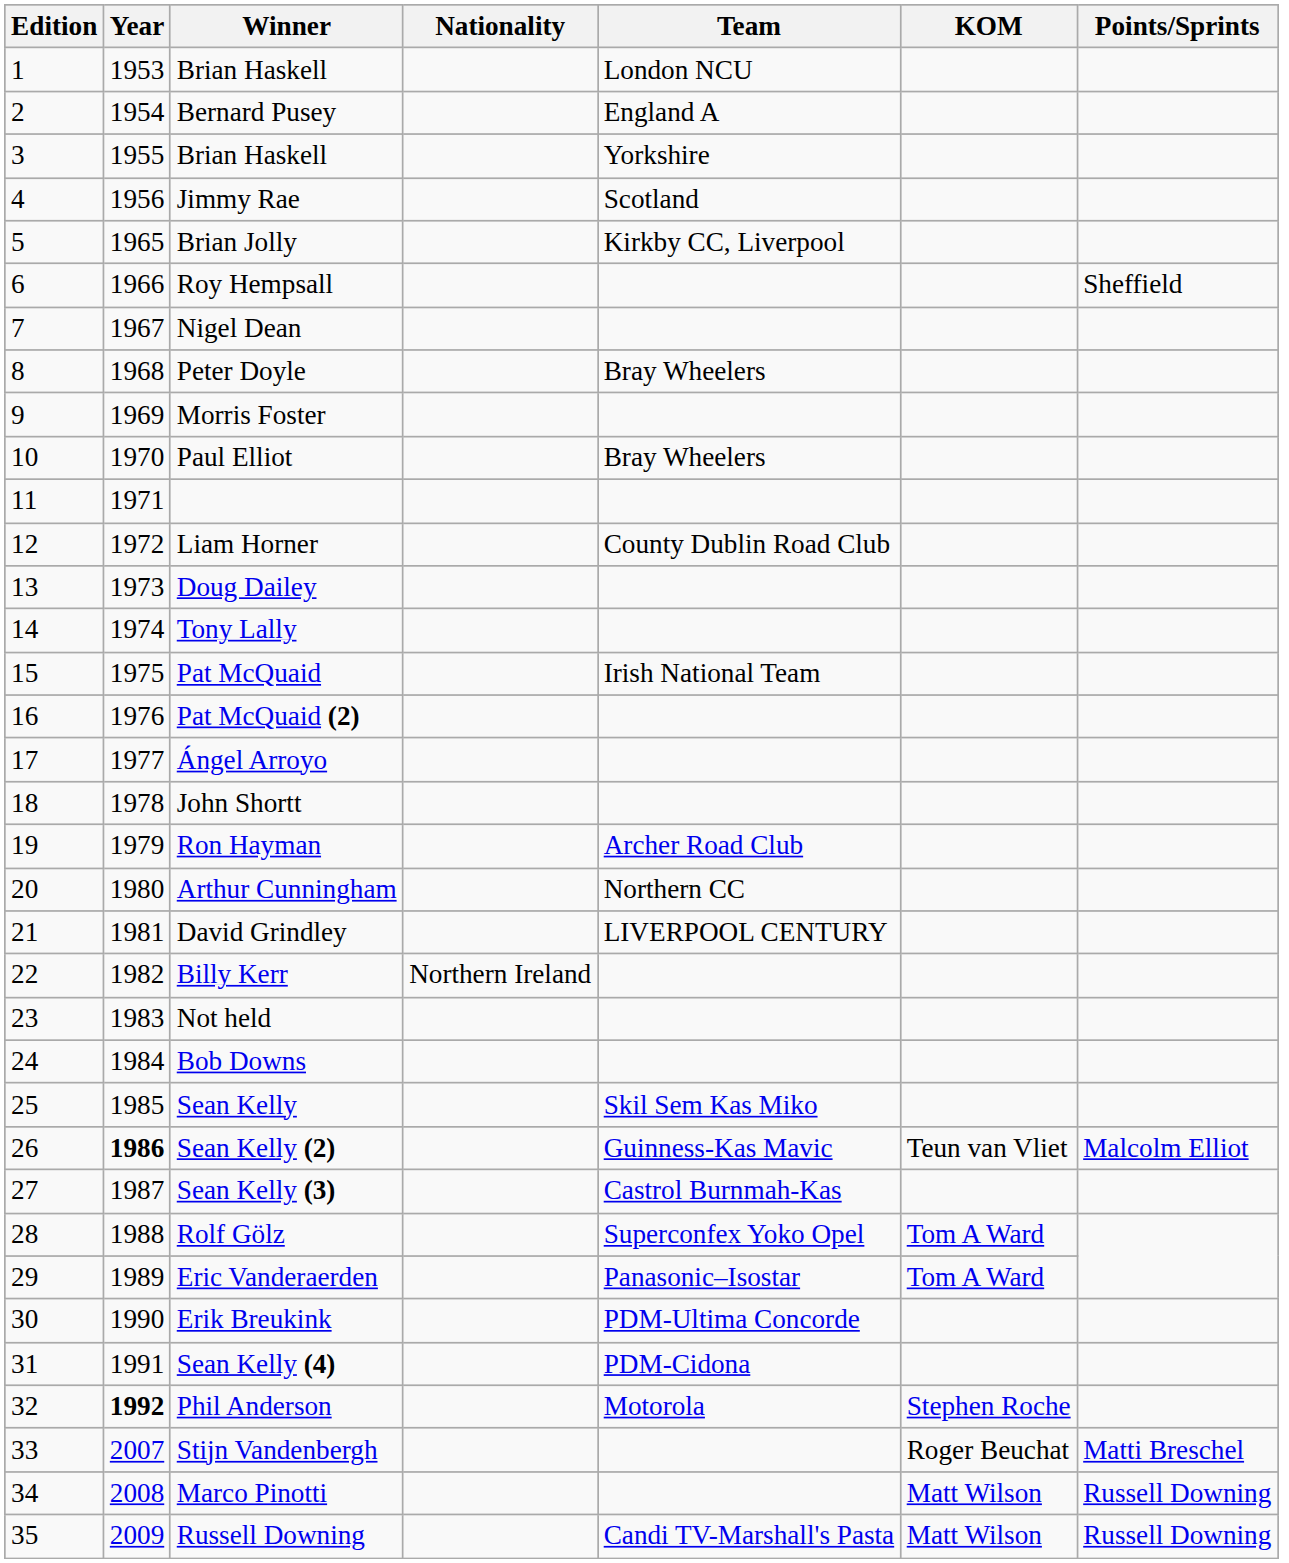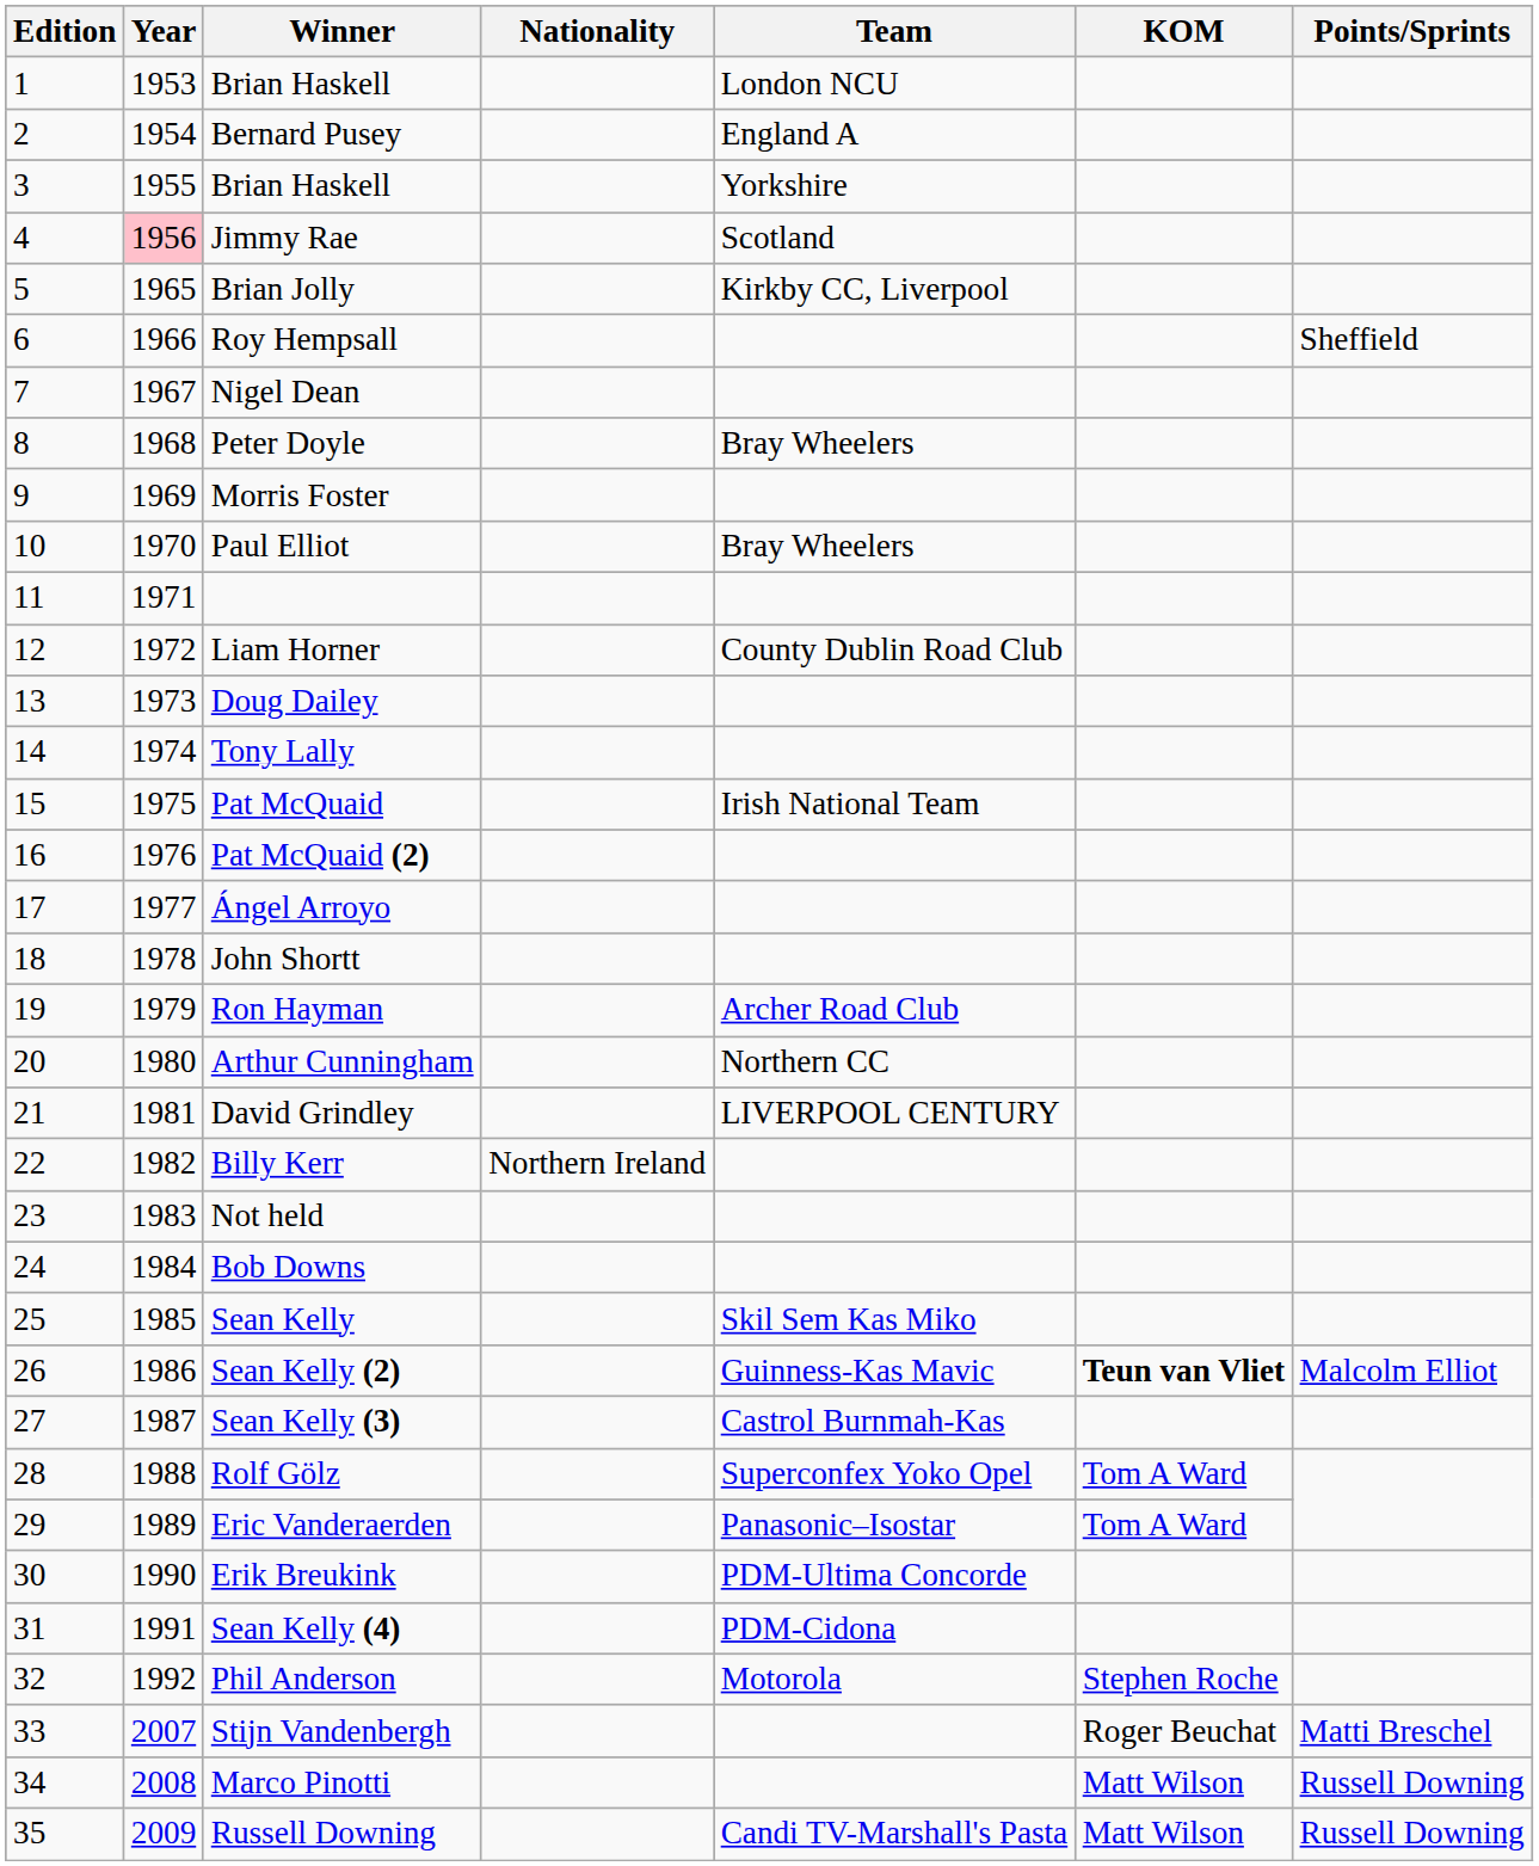 <table class="wikitable sortable">
 <tr>
 <th>Edition</th>
 <th>Year</th>
 <th>Winner</th>
 <th>Nationality</th>
 <th>Team</th>
 <th>KOM</th>
 <th>Points/Sprints</th>
 </tr>
 <tr>
 <td>1</td>
 <td>1953</td>
 <td>Brian Haskell</td>
 <td></td>
 <td>London NCU</td>
 <td></td>
 <td></td>
 </tr>
 <tr>
 <td>2</td>
 <td>1954</td>
 <td>Bernard Pusey</td>
 <td></td>
 <td>England A</td>
 <td></td>
 <td></td>
 </tr>
 <tr>
 <td>3</td>
 <td>1955</td>
 <td>Brian Haskell</td>
 <td></td>
 <td>Yorkshire</td>
 <td></td>
 <td></td>
 </tr>
 <tr>
 <td>4</td>
-<td>1956</td>
+<td style="background: pink;">1956</td>
 <td>Jimmy Rae</td>
 <td></td>
 <td>Scotland</td>
 <td></td>
 <td></td>
 </tr>
 <tr>
 <td>5</td>
 <td>1965</td>
 <td>Brian Jolly</td>
 <td></td>
 <td>Kirkby CC, Liverpool</td>
 <td></td>
 <td></td>
 </tr>
 <tr>
 <td>6</td>
 <td>1966</td>
 <td>Roy Hempsall</td>
 <td></td>
 <td></td>
 <td></td>
 <td>Sheffield</td>
 </tr>
 <tr>
 <td>7</td>
 <td>1967</td>
 <td>Nigel Dean</td>
 <td></td>
 <td></td>
 <td></td>
 <td></td>
 </tr>
 <tr>
 <td>8</td>
 <td>1968</td>
 <td>Peter Doyle</td>
 <td></td>
 <td>Bray Wheelers</td>
 <td></td>
 <td></td>
 </tr>
 <tr>
 <td>9</td>
 <td>1969</td>
 <td>Morris Foster</td>
 <td></td>
 <td></td>
 <td></td>
 <td></td>
 </tr>
 <tr>
 <td>10</td>
 <td>1970</td>
 <td>Paul Elliot</td>
 <td></td>
 <td>Bray Wheelers</td>
 <td></td>
 <td></td>
 </tr>
 <tr>
 <td>11</td>
 <td>1971</td>
 <td></td>
 <td></td>
 <td></td>
 <td></td>
 </tr>
 <tr>
 <td>12</td>
 <td>1972</td>
 <td>Liam Horner</td>
 <td></td>
 <td>County Dublin Road Club</td>
 <td></td>
 <td></td>
 </tr>
 <tr>
 <td>13</td>
 <td>1973</td>
 <td><a href='#'>Doug Dailey</a></td>
 <td></td>
 <td></td>
 <td></td>
 <td></td>
 </tr>
 <tr>
 <td>14</td>
 <td>1974</td>
 <td><a href='#'>Tony Lally</a></td>
 <td></td>
 <td></td>
 <td></td>
 <td></td>
 </tr>
 <tr>
 <td>15</td>
 <td>1975</td>
 <td><a href='#'>Pat McQuaid</a></td>
 <td></td>
 <td>Irish National Team</td>
 <td></td>
 <td></td>
 </tr>
 <tr>
 <td>16</td>
 <td>1976</td>
 <td><a href='#'>Pat McQuaid</a> <strong>(2)</strong></td>
 <td></td>
 <td></td>
 <td></td>
 <td></td>
 </tr>
 <tr>
 <td>17</td>
 <td>1977</td>
 <td><a href='#'>Ángel Arroyo</a></td>
 <td></td>
 <td></td>
 <td></td>
 <td></td>
 </tr>
 <tr>
 <td>18</td>
 <td>1978</td>
 <td>John Shortt</td>
 <td></td>
 <td></td>
 <td></td>
 <td></td>
 </tr>
 <tr>
 <td>19</td>
 <td>1979</td>
 <td><a href='#'>Ron Hayman</a></td>
 <td></td>
 <td><a href='#'>Archer Road Club</a></td>
 <td></td>
 <td></td>
 </tr>
 <tr>
 <td>20</td>
 <td>1980</td>
 <td><a href='#'>Arthur Cunningham</a></td>
 <td></td>
 <td>Northern CC</td>
 <td></td>
 <td></td>
 </tr>
 <tr>
 <td>21</td>
 <td>1981</td>
 <td>David Grindley</td>
 <td></td>
 <td>LIVERPOOL CENTURY</td>
 <td></td>
 <td></td>
 </tr>
 <tr>
 <td>22</td>
 <td>1982</td>
 <td><a href='#'>Billy Kerr</a></td>
 <td>Northern Ireland</td>
 <td></td>
 <td></td>
 <td></td>
 </tr>
 <tr>
 <td>23</td>
 <td>1983</td>
 <td>Not held</td>
 <td></td>
 <td></td>
 <td></td>
 <td></td>
 </tr>
 <tr>
 <td>24</td>
 <td>1984</td>
 <td><a href='#'>Bob Downs</a></td>
 <td></td>
 <td></td>
 <td></td>
 <td></td>
 </tr>
 <tr>
 <td>25</td>
 <td>1985</td>
 <td><a href='#'>Sean Kelly</a></td>
 <td></td>
 <td><a href='#'>Skil Sem Kas Miko</a></td>
 <td></td>
 <td></td>
 </tr>
 <tr>
 <td>26</td>
-<td><strong>1986</strong></td>
+<td>1986</td>
 <td><a href='#'>Sean Kelly</a> <strong>(2)</strong></td>
 <td></td>
 <td><a href='#'>Guinness-Kas Mavic</a></td>
-<td>Teun van Vliet </td>
+<td><strong>Teun van Vliet </strong></td>
 <td><a href='#'>Malcolm Elliot</a> </td>
 </tr>
 <tr>
 <td>27</td>
 <td>1987</td>
 <td><a href='#'>Sean Kelly</a> <strong>(3)</strong></td>
 <td></td>
 <td><a href='#'>Castrol Burnmah-Kas</a></td>
 <td></td>
 <td></td>
 </tr>
 <tr>
 <td>28</td>
 <td>1988</td>
 <td><a href='#'>Rolf Gölz</a></td>
 <td></td>
 <td><a href='#'>Superconfex Yoko Opel</a></td>
 <td><a href='#'>Tom A Ward</a> </td>
 </tr>
 <tr>
 <td>29</td>
 <td>1989</td>
 <td><a href='#'>Eric Vanderaerden</a></td>
 <td></td>
 <td><a href='#'>Panasonic–Isostar</a></td>
 <td><a href='#'>Tom A Ward</a> </td>
 </tr>
 <tr>
 <td>30</td>
 <td>1990</td>
 <td><a href='#'>Erik Breukink</a></td>
 <td></td>
 <td><a href='#'>PDM-Ultima Concorde</a></td>
 <td></td>
 <td></td>
 </tr>
 <tr>
 <td>31</td>
 <td>1991</td>
 <td><a href='#'>Sean Kelly</a> <strong>(4)</strong></td>
 <td></td>
 <td><a href='#'>PDM-Cidona</a></td>
 <td></td>
 <td></td>
 </tr>
 <tr>
 <td>32</td>
-<td><strong>1992</strong></td>
+<td>1992</td>
 <td><a href='#'>Phil Anderson</a></td>
 <td></td>
 <td><a href='#'>Motorola</a></td>
 <td><a href='#'>Stephen Roche</a> </td>
 <td></td>
 </tr>
 <tr>
 <td>33</td>
 <td><a href='#'>2007</a></td>
 <td><a href='#'>Stijn Vandenbergh</a></td>
 <td></td>
 <td></td>
 <td>Roger Beuchat </td>
 <td><a href='#'>Matti Breschel</a> </td>
 </tr>
 <tr>
 <td>34</td>
 <td><a href='#'>2008</a></td>
 <td><a href='#'>Marco Pinotti</a></td>
 <td></td>
 <td></td>
 <td><a href='#'>Matt Wilson</a> </td>
 <td><a href='#'>Russell Downing</a> </td>
 </tr>
 <tr>
 <td>35</td>
 <td><a href='#'>2009</a></td>
 <td><a href='#'>Russell Downing</a></td>
 <td></td>
 <td><a href='#'>Candi TV-Marshall's Pasta</a></td>
 <td><a href='#'>Matt Wilson</a> </td>
 <td><a href='#'>Russell Downing</a> </td>
 </tr>
 <tr>
 </tr>
 </table>
